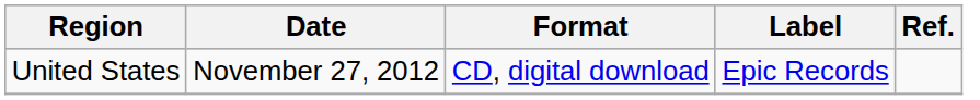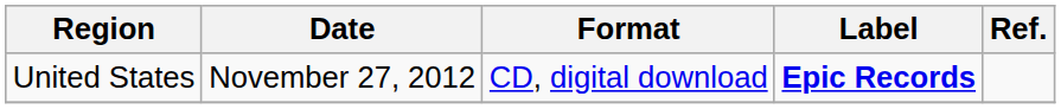 <table class="wikitable plainrowheaders">
 <tr>
 <th scope="col">Region</th>
 <th scope="col">Date</th>
 <th scope="col">Format</th>
 <th scope="col">Label</th>
 <th scope="col">Ref.</th>
 </tr>
 <tr>
 <td>United States</td>
 <td>November 27, 2012</td>
 <td><a href='#'>CD</a>, <a href='#'>digital download</a></td>
-<td><a href='#'>Epic Records</a></td>
+<td><strong><a href='#'>Epic Records</a></strong></td>
 <td></td>
 </tr>
 <tr>
 </tr>
 </table>
